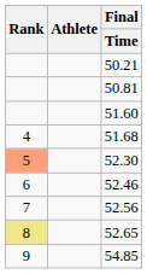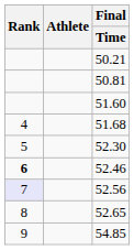 <table class="wikitable sortable"  style="text-align:center">
 <tr>
 <th rowspan="2" data-sort-type=number>Rank</th>
 <th rowspan="2">Athlete</th>
 <th colspan="1">Final</th>
 </tr>
 <tr>
 <th>Time</th>
 </tr>
 <tr>
 <td></td>
 <td align="left"></td>
 <td>50.21</td>
 </tr>
 <tr>
 <td></td>
 <td align="left"></td>
 <td>50.81</td>
 </tr>
 <tr>
 <td></td>
 <td align="left"></td>
 <td>51.60</td>
 </tr>
 <tr>
 <td>4</td>
 <td align="left"></td>
 <td>51.68</td>
 </tr>
 <tr>
-<td style="background: lightsalmon;">5</td>
+<td>5</td>
 <td align="left"></td>
 <td>52.30</td>
 </tr>
 <tr>
-<td>6</td>
+<td><strong>6</strong></td>
 <td align="left"></td>
 <td>52.46</td>
 </tr>
 <tr>
-<td>7</td>
+<td style="background: lavender;">7</td>
 <td align="left"></td>
 <td>52.56</td>
 </tr>
 <tr>
-<td style="background: khaki;">8</td>
+<td>8</td>
 <td align="left"></td>
 <td>52.65</td>
 </tr>
 <tr>
 <td>9</td>
 <td align="left"></td>
 <td>54.85</td>
 </tr>
 </table>
